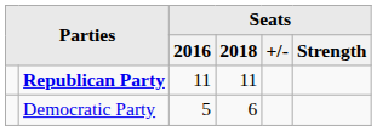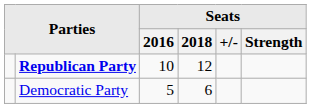 <table class=wikitable>
 <tr>
 <th style="background-color:#E9E9E9" align=center rowspan=2 colspan=2>Parties</th>
 <th style="background-color:#E9E9E9" align=center colspan=5>Seats</th>
 </tr>
 <tr bgcolor=#E9E9E9>
 <th>2016</th>
 <th>2018</th>
 <th>+/-</th>
 <th>Strength</th>
 </tr>
 <tr>
 <td style="background-color:"> </td>
 <td><strong><a href='#'>Republican Party</a></strong></td>
-<td align=right>11</td>
-<td align=right>11</td>
+<td align=right>10</td>
+<td align=right>12</td>
 <td align=right></td>
 <td align=right></td>
 </tr>
 <tr>
 <td style="background-color:"> </td>
 <td><a href='#'>Democratic Party</a></td>
 <td align=right>5</td>
 <td align=right>6</td>
 <td align=right></td>
 <td align=right></td>
 </tr>
 </table>
